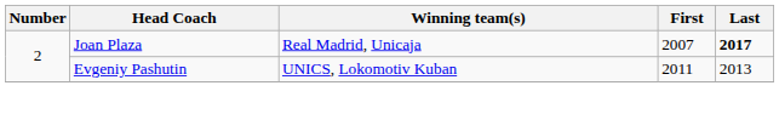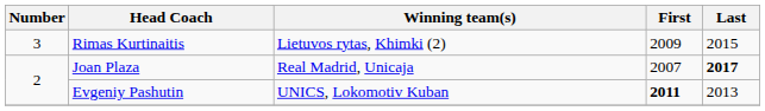 <table class="wikitable">
 <tr>
 <th style="width:40px">Number</th>
 <th style="width:200px">Head Coach</th>
 <th style="width:370px">Winning team(s)</th>
 <th style="width:50px">First</th>
 <th style="width:50px">Last</th>
+</tr>
+<tr>
+<td style="text-align:center;">3</td>
+<td> <a href='#'>Rimas Kurtinaitis</a></td>
+<td> <a href='#'>Lietuvos rytas</a>,  <a href='#'>Khimki</a> (2)</td>
+<td>2009</td>
+<td>2015</td>
 </tr>
 <tr>
 <td rowspan=2 style="text-align:center;">2</td>
 <td> <a href='#'>Joan Plaza</a></td>
 <td> <a href='#'>Real Madrid</a>,  <a href='#'>Unicaja</a></td>
 <td>2007</td>
 <td><strong>2017</strong></td>
 </tr>
 <tr>
 <td> <a href='#'>Evgeniy Pashutin</a></td>
 <td> <a href='#'>UNICS</a>,   <a href='#'>Lokomotiv Kuban</a></td>
-<td>2011</td>
+<td><strong>2011</strong></td>
 <td>2013</td>
 </tr>
 <tr>
 </tr>
 </table>
